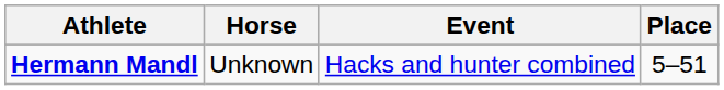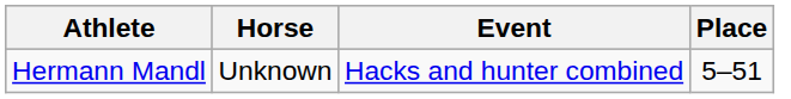 <table class="wikitable sortable" style="text-align:center; font-size:90%">
 <tr>
 <th>Athlete</th>
 <th>Horse</th>
 <th>Event</th>
 <th>Place</th>
 </tr>
 <tr>
-<td align=left><strong><a href='#'>Hermann Mandl</a></strong></td>
+<td align=left><a href='#'>Hermann Mandl</a></td>
 <td align=left>Unknown</td>
 <td><a href='#'>Hacks and hunter combined</a></td>
 <td>5–51</td>
 </tr>
 </table>
